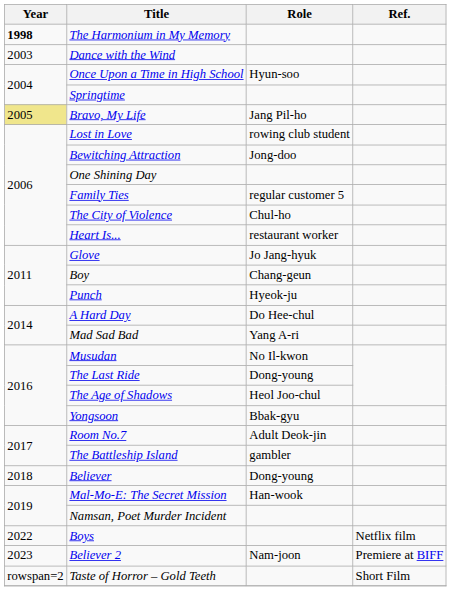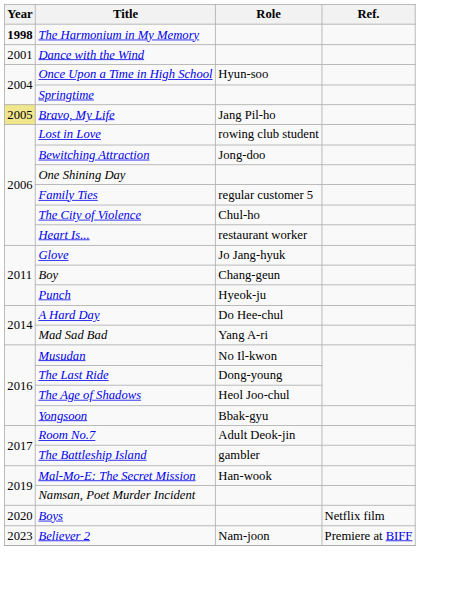 <table class="wikitable sortable">
 <tr>
 <th>Year</th>
 <th>Title</th>
 <th>Role</th>
 <th>Ref.</th>
 </tr>
 <tr>
 <td><strong>1998</strong></td>
 <td><em><a href='#'>The Harmonium in My Memory</a></em></td>
 <td></td>
 <td></td>
 </tr>
 <tr>
-<td>2003</td>
+<td>2001</td>
 <td><em><a href='#'>Dance with the Wind</a></em></td>
 <td></td>
 <td></td>
 </tr>
 <tr>
 <td rowspan=2>2004</td>
 <td><em><a href='#'>Once Upon a Time in High School</a></em></td>
 <td>Hyun-soo</td>
 <td></td>
 </tr>
 <tr>
 <td><em><a href='#'>Springtime</a></em></td>
 <td></td>
 <td></td>
 </tr>
 <tr>
 <td style="background: khaki;">2005</td>
 <td><em><a href='#'>Bravo, My Life</a></em></td>
 <td>Jang Pil-ho</td>
 <td></td>
 </tr>
 <tr>
 <td rowspan=6>2006</td>
 <td><em><a href='#'>Lost in Love</a></em></td>
 <td>rowing club student</td>
 <td></td>
 </tr>
 <tr>
 <td><em><a href='#'>Bewitching Attraction</a></em></td>
 <td>Jong-doo</td>
 <td></td>
 </tr>
 <tr>
 <td><em>One Shining Day</em></td>
 <td></td>
 <td></td>
 </tr>
 <tr>
 <td><em><a href='#'>Family Ties</a></em></td>
 <td>regular customer 5</td>
 <td></td>
 </tr>
 <tr>
 <td><em><a href='#'>The City of Violence</a></em></td>
 <td>Chul-ho</td>
 <td></td>
 </tr>
 <tr>
 <td><em><a href='#'>Heart Is...</a></em></td>
 <td>restaurant worker</td>
 <td></td>
 </tr>
 <tr>
 <td rowspan=3>2011</td>
 <td><em><a href='#'>Glove</a></em></td>
 <td>Jo Jang-hyuk</td>
 <td></td>
 </tr>
 <tr>
 <td><em>Boy</em></td>
 <td>Chang-geun</td>
 <td></td>
 </tr>
 <tr>
 <td><em><a href='#'>Punch</a></em></td>
 <td>Hyeok-ju</td>
 <td></td>
 </tr>
 <tr>
 <td rowspan=2>2014</td>
 <td><em><a href='#'>A Hard Day</a></em></td>
 <td>Do Hee-chul</td>
 <td></td>
 </tr>
 <tr>
 <td><em>Mad Sad Bad</em></td>
 <td>Yang A-ri</td>
 <td></td>
 </tr>
 <tr>
 <td rowspan=4>2016</td>
 <td><em><a href='#'>Musudan</a></em></td>
 <td>No Il-kwon</td>
 <td rowspan=3></td>
 </tr>
 <tr>
 <td><em><a href='#'>The Last Ride</a></em></td>
 <td>Dong-young</td>
 </tr>
 <tr>
 <td><em><a href='#'>The Age of Shadows</a></em></td>
 <td>Heol Joo-chul</td>
 </tr>
 <tr>
 <td><em><a href='#'>Yongsoon</a></em></td>
 <td>Bbak-gyu</td>
 <td></td>
 </tr>
 <tr>
 <td rowspan=2>2017</td>
 <td><em><a href='#'>Room No.7</a></em></td>
 <td>Adult Deok-jin</td>
 <td></td>
 </tr>
 <tr>
 <td><em><a href='#'>The Battleship Island</a></em></td>
 <td>gambler</td>
 <td></td>
 </tr>
 <tr>
-<td>2018</td>
-<td><em><a href='#'>Believer</a></em></td>
-<td>Dong-young</td>
-<td></td>
-</tr>
-<tr>
 <td rowspan=2>2019</td>
 <td><em><a href='#'>Mal-Mo-E: The Secret Mission</a></em></td>
 <td>Han-wook</td>
 <td></td>
 </tr>
 <tr>
 <td><em>Namsan, Poet Murder Incident</em></td>
 <td></td>
 <td></td>
 </tr>
 <tr>
-<td>2022</td>
+<td>2020</td>
 <td><em><a href='#'>Boys</a></em></td>
 <td></td>
 <td>Netflix film</td>
 </tr>
 <tr>
 <td>2023</td>
 <td><em><a href='#'>Believer 2</a></em></td>
 <td>Nam-joon</td>
 <td style="text-align:center">Premiere at <a href='#'>BIFF</a></td>
 </tr>
 <tr>
-<td>rowspan=2 </td>
-<td><em>Taste of Horror –  Gold Teeth</em></td>
-<td></td>
-<td>Short Film</td>
-</tr>
-<tr>
 </tr>
 </table>
